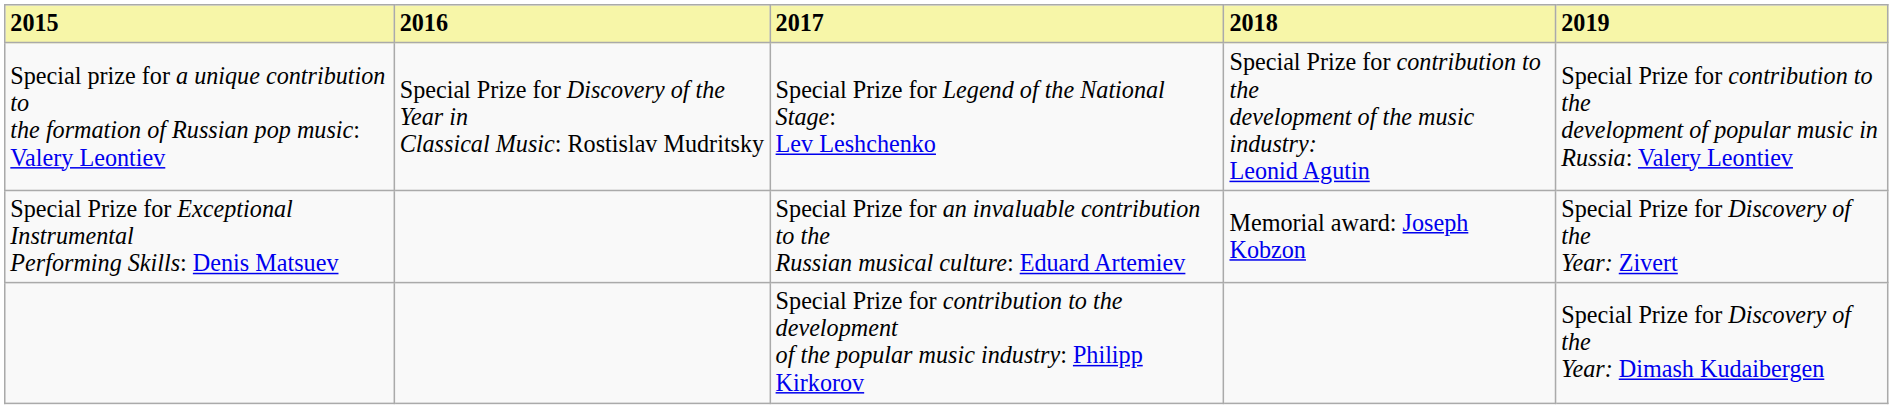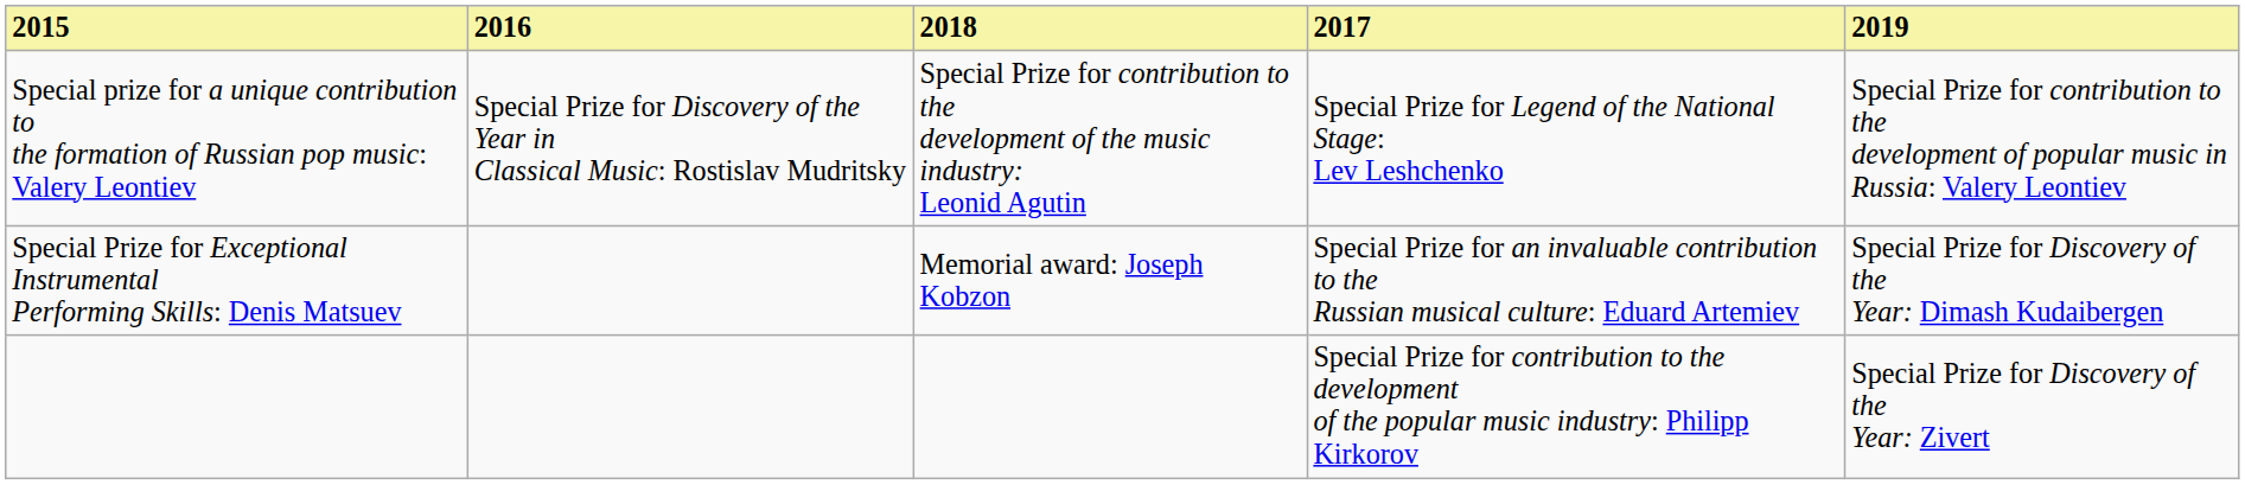 <table class="wikitable sortable">
 <tr>
 <td style="background:#f7f6a8"><strong>2015</strong></td>
 <td style="background:#f7f6a8"><strong>2016</strong></td>
+<td style="background:#f7f6a8"><strong>2018</strong></td>
 <td style="background:#f7f6a8"><strong>2017</strong></td>
-<td style="background:#f7f6a8"><strong>2018</strong></td>
 <td style="background:#f7f6a8"><strong>2019</strong></td>
 </tr>
 <tr>
 <td>Special prize for <em>a unique contribution to</em><br><em>the</em> <em>formation of Russian pop music</em>:<br><a href='#'>Valery Leontiev</a></td>
 <td>Special Prize for <em>Discovery of the Year</em> <em>in</em><br><em>Classical Music</em>: Rostislav Mudritsky</td>
+<td>Special Prize for <em>contribution to the</em><br><em>development of the music industry:</em><br><a href='#'>Leonid Agutin</a></td>
 <td>Special Prize for <em>Legend of</em> <em>the National</em> <em>Stage</em>:<br><a href='#'>Lev Leshchenko</a></td>
-<td>Special Prize for <em>contribution to the</em><br><em>development of the music industry:</em><br><a href='#'>Leonid Agutin</a></td>
 <td>Special Prize for <em>contribution to the</em><br><em>development of popular music in</em><br><em>Russia</em>: <a href='#'>Valery Leontiev</a></td>
 </tr>
 <tr>
 <td>Special Prize for <em>Exceptional Instrumental</em><br><em>Performing Skills</em>: <a href='#'>Denis Matsuev</a></td>
 <td></td>
+<td>Memorial award: <a href='#'>Joseph Kobzon</a></td>
 <td>Special Prize for <em>an invaluable contribution to</em> <em>the</em><br><em>Russian musical culture</em>: <a href='#'>Eduard Artemiev</a></td>
-<td>Memorial award: <a href='#'>Joseph Kobzon</a></td>
-<td>Special Prize for <em>Discovery of the</em><br><em>Year:</em> <a href='#'>Zivert</a></td>
+<td>Special Prize for <em>Discovery of the</em><br><em>Year:</em> <a href='#'>Dimash Kudaibergen</a></td>
 </tr>
 <tr>
 <td></td>
 <td></td>
+<td></td>
 <td>Special Prize for <em>contribution to the development</em><br><em>of the popular music industry</em>: <a href='#'>Philipp Kirkorov</a></td>
-<td></td>
-<td>Special Prize for <em>Discovery of the</em><br><em>Year:</em> <a href='#'>Dimash Kudaibergen</a></td>
+<td>Special Prize for <em>Discovery of the</em><br><em>Year:</em> <a href='#'>Zivert</a></td>
 </tr>
 </table>
